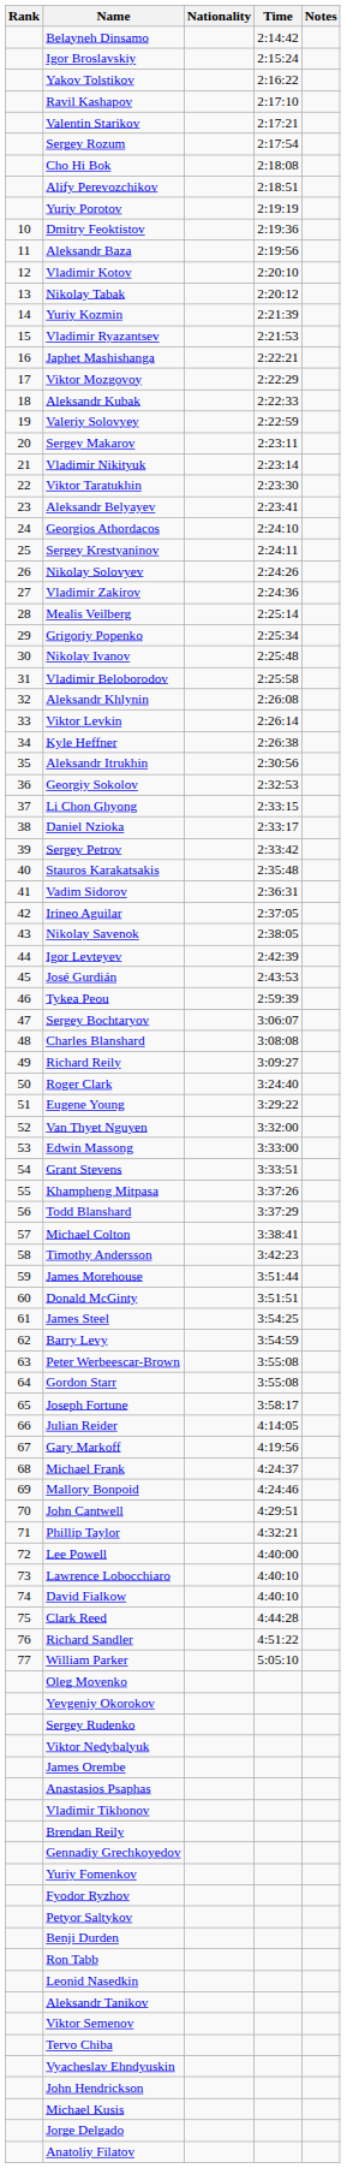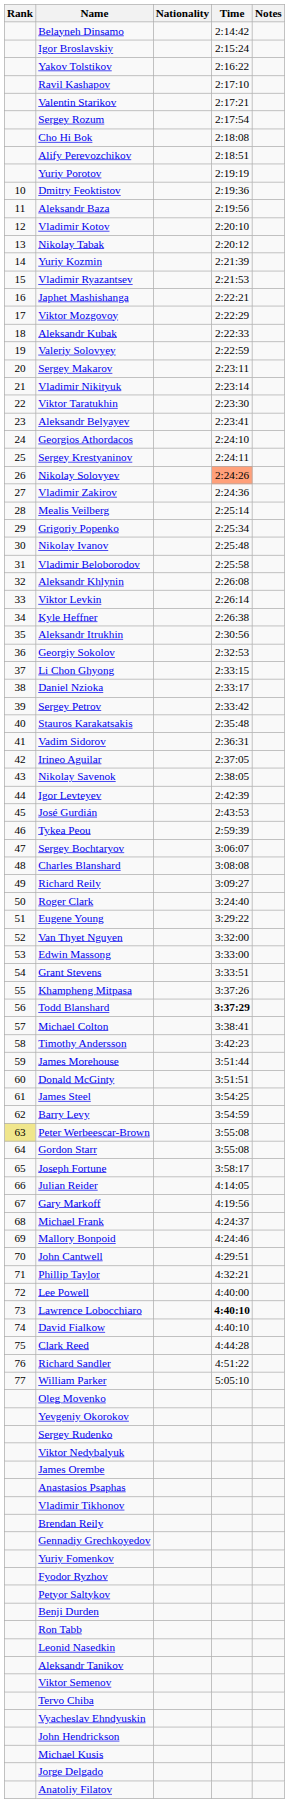 <table class="wikitable sortable" style="text-align:center">
 <tr>
 <th>Rank</th>
 <th>Name</th>
 <th>Nationality</th>
 <th>Time</th>
 <th>Notes</th>
 </tr>
 <tr>
 <td></td>
 <td align=left><a href='#'>Belayneh Dinsamo</a></td>
 <td align=left></td>
 <td>2:14:42</td>
 <td></td>
 </tr>
 <tr>
 <td></td>
 <td align=left><a href='#'>Igor Broslavskiy</a></td>
 <td align=left></td>
 <td>2:15:24</td>
 <td></td>
 </tr>
 <tr>
 <td></td>
 <td align=left><a href='#'>Yakov Tolstikov</a></td>
 <td align=left></td>
 <td>2:16:22</td>
 <td></td>
 </tr>
 <tr>
 <td></td>
 <td align=left><a href='#'>Ravil Kashapov</a></td>
 <td align=left></td>
 <td>2:17:10</td>
 <td></td>
 </tr>
 <tr>
 <td></td>
 <td align=left><a href='#'>Valentin Starikov</a></td>
 <td align=left></td>
 <td>2:17:21</td>
 <td></td>
 </tr>
 <tr>
 <td></td>
 <td align=left><a href='#'>Sergey Rozum</a></td>
 <td align=left></td>
 <td>2:17:54</td>
 <td></td>
 </tr>
 <tr>
 <td></td>
 <td align=left><a href='#'>Cho Hi Bok</a></td>
 <td align=left></td>
 <td>2:18:08</td>
 <td></td>
 </tr>
 <tr>
 <td></td>
 <td align=left><a href='#'>Alify Perevozchikov</a></td>
 <td align=left></td>
 <td>2:18:51</td>
 <td></td>
 </tr>
 <tr>
 <td></td>
 <td align=left><a href='#'>Yuriy Porotov</a></td>
 <td align=left></td>
 <td>2:19:19</td>
 <td></td>
 </tr>
 <tr>
 <td>10</td>
 <td align=left><a href='#'>Dmitry Feoktistov</a></td>
 <td align=left></td>
 <td>2:19:36</td>
 <td></td>
 </tr>
 <tr>
 <td>11</td>
 <td align=left><a href='#'>Aleksandr Baza</a></td>
 <td align=left></td>
 <td>2:19:56</td>
 <td></td>
 </tr>
 <tr>
 <td>12</td>
 <td align=left><a href='#'>Vladimir Kotov</a></td>
 <td align=left></td>
 <td>2:20:10</td>
 <td></td>
 </tr>
 <tr>
 <td>13</td>
 <td align=left><a href='#'>Nikolay Tabak</a></td>
 <td align=left></td>
 <td>2:20:12</td>
 <td></td>
 </tr>
 <tr>
 <td>14</td>
 <td align=left><a href='#'>Yuriy Kozmin</a></td>
 <td align=left></td>
 <td>2:21:39</td>
 <td></td>
 </tr>
 <tr>
 <td>15</td>
 <td align=left><a href='#'>Vladimir Ryazantsev</a></td>
 <td align=left></td>
 <td>2:21:53</td>
 <td></td>
 </tr>
 <tr>
 <td>16</td>
 <td align=left><a href='#'>Japhet Mashishanga</a></td>
 <td align=left></td>
 <td>2:22:21</td>
 <td></td>
 </tr>
 <tr>
 <td>17</td>
 <td align=left><a href='#'>Viktor Mozgovoy</a></td>
 <td align=left></td>
 <td>2:22:29</td>
 <td></td>
 </tr>
 <tr>
 <td>18</td>
 <td align=left><a href='#'>Aleksandr Kubak</a></td>
 <td align=left></td>
 <td>2:22:33</td>
 <td></td>
 </tr>
 <tr>
 <td>19</td>
 <td align=left><a href='#'>Valeriy Solovyey</a></td>
 <td align=left></td>
 <td>2:22:59</td>
 <td></td>
 </tr>
 <tr>
 <td>20</td>
 <td align=left><a href='#'>Sergey Makarov</a></td>
 <td align=left></td>
 <td>2:23:11</td>
 <td></td>
 </tr>
 <tr>
 <td>21</td>
 <td align=left><a href='#'>Vladimir Nikityuk</a></td>
 <td align=left></td>
 <td>2:23:14</td>
 <td></td>
 </tr>
 <tr>
 <td>22</td>
 <td align=left><a href='#'>Viktor Taratukhin</a></td>
 <td align=left></td>
 <td>2:23:30</td>
 <td></td>
 </tr>
 <tr>
 <td>23</td>
 <td align=left><a href='#'>Aleksandr Belyayev</a></td>
 <td align=left></td>
 <td>2:23:41</td>
 <td></td>
 </tr>
 <tr>
 <td>24</td>
 <td align=left><a href='#'>Georgios Athordacos</a></td>
 <td align=left></td>
 <td>2:24:10</td>
 <td></td>
 </tr>
 <tr>
 <td>25</td>
 <td align=left><a href='#'>Sergey Krestyaninov</a></td>
 <td align=left></td>
 <td>2:24:11</td>
 <td></td>
 </tr>
 <tr>
 <td>26</td>
 <td align=left><a href='#'>Nikolay Solovyev</a></td>
 <td align=left></td>
-<td>2:24:26</td>
+<td style="background: lightsalmon;">2:24:26</td>
 <td></td>
 </tr>
 <tr>
 <td>27</td>
 <td align=left><a href='#'>Vladimir Zakirov</a></td>
 <td align=left></td>
 <td>2:24:36</td>
 <td></td>
 </tr>
 <tr>
 <td>28</td>
 <td align=left><a href='#'>Mealis Veilberg</a></td>
 <td align=left></td>
 <td>2:25:14</td>
 <td></td>
 </tr>
 <tr>
 <td>29</td>
 <td align=left><a href='#'>Grigoriy Popenko</a></td>
 <td align=left></td>
 <td>2:25:34</td>
 <td></td>
 </tr>
 <tr>
 <td>30</td>
 <td align=left><a href='#'>Nikolay Ivanov</a></td>
 <td align=left></td>
 <td>2:25:48</td>
 <td></td>
 </tr>
 <tr>
 <td>31</td>
 <td align=left><a href='#'>Vladimir Beloborodov</a></td>
 <td align=left></td>
 <td>2:25:58</td>
 <td></td>
 </tr>
 <tr>
 <td>32</td>
 <td align=left><a href='#'>Aleksandr Khlynin</a></td>
 <td align=left></td>
 <td>2:26:08</td>
 <td></td>
 </tr>
 <tr>
 <td>33</td>
 <td align=left><a href='#'>Viktor Levkin</a></td>
 <td align=left></td>
 <td>2:26:14</td>
 <td></td>
 </tr>
 <tr>
 <td>34</td>
 <td align=left><a href='#'>Kyle Heffner</a></td>
 <td align=left></td>
 <td>2:26:38</td>
 <td></td>
 </tr>
 <tr>
 <td>35</td>
 <td align=left><a href='#'>Aleksandr Itrukhin</a></td>
 <td align=left></td>
 <td>2:30:56</td>
 <td></td>
 </tr>
 <tr>
 <td>36</td>
 <td align=left><a href='#'>Georgiy Sokolov</a></td>
 <td align=left></td>
 <td>2:32:53</td>
 <td></td>
 </tr>
 <tr>
 <td>37</td>
 <td align=left><a href='#'>Li Chon Ghyong</a></td>
 <td align=left></td>
 <td>2:33:15</td>
 <td></td>
 </tr>
 <tr>
 <td>38</td>
 <td align=left><a href='#'>Daniel Nzioka</a></td>
 <td align=left></td>
 <td>2:33:17</td>
 <td></td>
 </tr>
 <tr>
 <td>39</td>
 <td align=left><a href='#'>Sergey Petrov</a></td>
 <td align=left></td>
 <td>2:33:42</td>
 <td></td>
 </tr>
 <tr>
 <td>40</td>
 <td align=left><a href='#'>Stauros Karakatsakis</a></td>
 <td align=left></td>
 <td>2:35:48</td>
 <td></td>
 </tr>
 <tr>
 <td>41</td>
 <td align=left><a href='#'>Vadim Sidorov</a></td>
 <td align=left></td>
 <td>2:36:31</td>
 <td></td>
 </tr>
 <tr>
 <td>42</td>
 <td align=left><a href='#'>Irineo Aguilar</a></td>
 <td align=left></td>
 <td>2:37:05</td>
 <td></td>
 </tr>
 <tr>
 <td>43</td>
 <td align=left><a href='#'>Nikolay Savenok</a></td>
 <td align=left></td>
 <td>2:38:05</td>
 <td></td>
 </tr>
 <tr>
 <td>44</td>
 <td align=left><a href='#'>Igor Levteyev</a></td>
 <td align=left></td>
 <td>2:42:39</td>
 <td></td>
 </tr>
 <tr>
 <td>45</td>
 <td align=left><a href='#'>José Gurdián</a></td>
 <td align=left></td>
 <td>2:43:53</td>
 <td></td>
 </tr>
 <tr>
 <td>46</td>
 <td align=left><a href='#'>Tykea Peou</a></td>
 <td align=left></td>
 <td>2:59:39</td>
 <td></td>
 </tr>
 <tr>
 <td>47</td>
 <td align=left><a href='#'>Sergey Bochtaryov</a></td>
 <td align=left></td>
 <td>3:06:07</td>
 <td></td>
 </tr>
 <tr>
 <td>48</td>
 <td align=left><a href='#'>Charles Blanshard</a></td>
 <td align=left></td>
 <td>3:08:08</td>
 <td></td>
 </tr>
 <tr>
 <td>49</td>
 <td align=left><a href='#'>Richard Reily</a></td>
 <td align=left></td>
 <td>3:09:27</td>
 <td></td>
 </tr>
 <tr>
 <td>50</td>
 <td align=left><a href='#'>Roger Clark</a></td>
 <td align=left></td>
 <td>3:24:40</td>
 <td></td>
 </tr>
 <tr>
 <td>51</td>
 <td align=left><a href='#'>Eugene Young</a></td>
 <td align=left></td>
 <td>3:29:22</td>
 <td></td>
 </tr>
 <tr>
 <td>52</td>
 <td align=left><a href='#'>Van Thyet Nguyen</a></td>
 <td align=left></td>
 <td>3:32:00</td>
 <td></td>
 </tr>
 <tr>
 <td>53</td>
 <td align=left><a href='#'>Edwin Massong</a></td>
 <td align=left></td>
 <td>3:33:00</td>
 <td></td>
 </tr>
 <tr>
 <td>54</td>
 <td align=left><a href='#'>Grant Stevens</a></td>
 <td align=left></td>
 <td>3:33:51</td>
 <td></td>
 </tr>
 <tr>
 <td>55</td>
 <td align=left><a href='#'>Khampheng Mitpasa</a></td>
 <td align=left></td>
 <td>3:37:26</td>
 <td></td>
 </tr>
 <tr>
 <td>56</td>
 <td align=left><a href='#'>Todd Blanshard</a></td>
 <td align=left></td>
-<td>3:37:29</td>
+<td><strong>3:37:29</strong></td>
 <td></td>
 </tr>
 <tr>
 <td>57</td>
 <td align=left><a href='#'>Michael Colton</a></td>
 <td align=left></td>
 <td>3:38:41</td>
 <td></td>
 </tr>
 <tr>
 <td>58</td>
 <td align=left><a href='#'>Timothy Andersson</a></td>
 <td align=left></td>
 <td>3:42:23</td>
 <td></td>
 </tr>
 <tr>
 <td>59</td>
 <td align=left><a href='#'>James Morehouse</a></td>
 <td align=left></td>
 <td>3:51:44</td>
 <td></td>
 </tr>
 <tr>
 <td>60</td>
 <td align=left><a href='#'>Donald McGinty</a></td>
 <td align=left></td>
 <td>3:51:51</td>
 <td></td>
 </tr>
 <tr>
 <td>61</td>
 <td align=left><a href='#'>James Steel</a></td>
 <td align=left></td>
 <td>3:54:25</td>
 <td></td>
 </tr>
 <tr>
 <td>62</td>
 <td align=left><a href='#'>Barry Levy</a></td>
 <td align=left></td>
 <td>3:54:59</td>
 <td></td>
 </tr>
 <tr>
-<td>63</td>
+<td style="background: khaki;">63</td>
 <td align=left><a href='#'>Peter Werbeescar-Brown</a></td>
 <td align=left></td>
 <td>3:55:08</td>
 <td></td>
 </tr>
 <tr>
 <td>64</td>
 <td align=left><a href='#'>Gordon Starr</a></td>
 <td align=left></td>
 <td>3:55:08</td>
 <td></td>
 </tr>
 <tr>
 <td>65</td>
 <td align=left><a href='#'>Joseph Fortune</a></td>
 <td align=left></td>
 <td>3:58:17</td>
 <td></td>
 </tr>
 <tr>
 <td>66</td>
 <td align=left><a href='#'>Julian Reider</a></td>
 <td align=left></td>
 <td>4:14:05</td>
 <td></td>
 </tr>
 <tr>
 <td>67</td>
 <td align=left><a href='#'>Gary Markoff</a></td>
 <td align=left></td>
 <td>4:19:56</td>
 <td></td>
 </tr>
 <tr>
 <td>68</td>
 <td align=left><a href='#'>Michael Frank</a></td>
 <td align=left></td>
 <td>4:24:37</td>
 <td></td>
 </tr>
 <tr>
 <td>69</td>
 <td align=left><a href='#'>Mallory Bonpoid</a></td>
 <td align=left></td>
 <td>4:24:46</td>
 <td></td>
 </tr>
 <tr>
 <td>70</td>
 <td align=left><a href='#'>John Cantwell</a></td>
 <td align=left></td>
 <td>4:29:51</td>
 <td></td>
 </tr>
 <tr>
 <td>71</td>
 <td align=left><a href='#'>Phillip Taylor</a></td>
 <td align=left></td>
 <td>4:32:21</td>
 <td></td>
 </tr>
 <tr>
 <td>72</td>
 <td align=left><a href='#'>Lee Powell</a></td>
 <td align=left></td>
 <td>4:40:00</td>
 <td></td>
 </tr>
 <tr>
 <td>73</td>
 <td align=left><a href='#'>Lawrence Lobocchiaro</a></td>
 <td align=left></td>
-<td>4:40:10</td>
+<td><strong>4:40:10</strong></td>
 <td></td>
 </tr>
 <tr>
 <td>74</td>
 <td align=left><a href='#'>David Fialkow</a></td>
 <td align=left></td>
 <td>4:40:10</td>
 <td></td>
 </tr>
 <tr>
 <td>75</td>
 <td align=left><a href='#'>Clark Reed</a></td>
 <td align=left></td>
 <td>4:44:28</td>
 <td></td>
 </tr>
 <tr>
 <td>76</td>
 <td align=left><a href='#'>Richard Sandler</a></td>
 <td align=left></td>
 <td>4:51:22</td>
 <td></td>
 </tr>
 <tr>
 <td>77</td>
 <td align=left><a href='#'>William Parker</a></td>
 <td align=left></td>
 <td>5:05:10</td>
 <td></td>
 </tr>
 <tr>
 <td></td>
 <td align=left><a href='#'>Oleg Movenko</a></td>
 <td align=left></td>
 <td></td>
 <td></td>
 </tr>
 <tr>
 <td></td>
 <td align=left><a href='#'>Yevgeniy Okorokov</a></td>
 <td align=left></td>
 <td></td>
 <td></td>
 </tr>
 <tr>
 <td></td>
 <td align=left><a href='#'>Sergey Rudenko</a></td>
 <td align=left></td>
 <td></td>
 <td></td>
 </tr>
 <tr>
 <td></td>
 <td align=left><a href='#'>Viktor Nedybalyuk</a></td>
 <td align=left></td>
 <td></td>
 <td></td>
 </tr>
 <tr>
 <td></td>
 <td align=left><a href='#'>James Orembe</a></td>
 <td align=left></td>
 <td></td>
 <td></td>
 </tr>
 <tr>
 <td></td>
 <td align=left><a href='#'>Anastasios Psaphas</a></td>
 <td align=left></td>
 <td></td>
 <td></td>
 </tr>
 <tr>
 <td></td>
 <td align=left><a href='#'>Vladimir Tikhonov</a></td>
 <td align=left></td>
 <td></td>
 <td></td>
 </tr>
 <tr>
 <td></td>
 <td align=left><a href='#'>Brendan Reily</a></td>
 <td align=left></td>
 <td></td>
 <td></td>
 </tr>
 <tr>
 <td></td>
 <td align=left><a href='#'>Gennadiy Grechkoyedov</a></td>
 <td align=left></td>
 <td></td>
 <td></td>
 </tr>
 <tr>
 <td></td>
 <td align=left><a href='#'>Yuriy Fomenkov</a></td>
 <td align=left></td>
 <td></td>
 <td></td>
 </tr>
 <tr>
 <td></td>
 <td align=left><a href='#'>Fyodor Ryzhov</a></td>
 <td align=left></td>
 <td></td>
 <td></td>
 </tr>
 <tr>
 <td></td>
 <td align=left><a href='#'>Petyor Saltykov</a></td>
 <td align=left></td>
 <td></td>
 <td></td>
 </tr>
 <tr>
 <td></td>
 <td align=left><a href='#'>Benji Durden</a></td>
 <td align=left></td>
 <td></td>
 <td></td>
 </tr>
 <tr>
 <td></td>
 <td align=left><a href='#'>Ron Tabb</a></td>
 <td align=left></td>
 <td></td>
 <td></td>
 </tr>
 <tr>
 <td></td>
 <td align=left><a href='#'>Leonid Nasedkin</a></td>
 <td align=left></td>
 <td></td>
 <td></td>
 </tr>
 <tr>
 <td></td>
 <td align=left><a href='#'>Aleksandr Tanikov</a></td>
 <td align=left></td>
 <td></td>
 <td></td>
 </tr>
 <tr>
 <td></td>
 <td align=left><a href='#'>Viktor Semenov</a></td>
 <td align=left></td>
 <td></td>
 <td></td>
 </tr>
 <tr>
 <td></td>
 <td align=left><a href='#'>Tervo Chiba</a></td>
 <td align=left></td>
 <td></td>
 <td></td>
 </tr>
 <tr>
 <td></td>
 <td align=left><a href='#'>Vyacheslav Ehndyuskin</a></td>
 <td align=left></td>
 <td></td>
 <td></td>
 </tr>
 <tr>
 <td></td>
 <td align=left><a href='#'>John Hendrickson</a></td>
 <td align=left></td>
 <td></td>
 <td></td>
 </tr>
 <tr>
 <td></td>
 <td align=left><a href='#'>Michael Kusis</a></td>
 <td align=left></td>
 <td></td>
 <td></td>
 </tr>
 <tr>
 <td></td>
 <td align=left><a href='#'>Jorge Delgado</a></td>
 <td align=left></td>
 <td></td>
 <td></td>
 </tr>
 <tr>
 <td></td>
 <td align=left><a href='#'>Anatoliy Filatov</a></td>
 <td align=left></td>
 <td></td>
 <td></td>
 </tr>
 </table>
